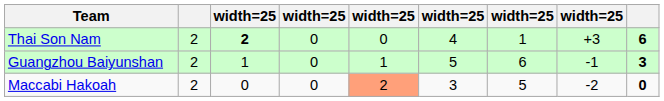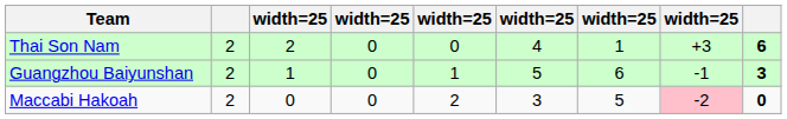 <table class="wikitable" style="text-align: center; font-size: 90%;">
 <tr>
 <th style="width:165px;">Team</th>
 <th width=25></th>
 <th>width=25</th>
 <th>width=25</th>
 <th>width=25</th>
 <th>width=25</th>
 <th>width=25</th>
 <th>width=25</th>
 <th width=25></th>
 </tr>
 <tr style="text-align:center; background:#cfc;">
 <td style="text-align:left;"> <a href='#'>Thai Son Nam</a></td>
 <td>2</td>
-<td><strong>2</strong></td>
+<td>2</td>
 <td>0</td>
 <td>0</td>
 <td>4</td>
 <td>1</td>
 <td>+3</td>
 <td><strong>6</strong></td>
 </tr>
 <tr style="text-align:center; background:#cfc;">
 <td style="text-align:left;"> <a href='#'>Guangzhou Baiyunshan</a></td>
 <td>2</td>
 <td>1</td>
 <td>0</td>
 <td>1</td>
 <td>5</td>
 <td>6</td>
 <td>-1</td>
 <td><strong>3</strong></td>
 </tr>
 <tr>
 <td style="text-align:left;"> <a href='#'>Maccabi Hakoah</a></td>
 <td>2</td>
 <td>0</td>
 <td>0</td>
-<td style="background: lightsalmon;">2</td>
+<td>2</td>
 <td>3</td>
 <td>5</td>
-<td>-2</td>
+<td style="background: pink;">-2</td>
 <td><strong>0</strong></td>
 </tr>
 </table>
